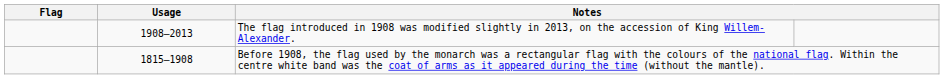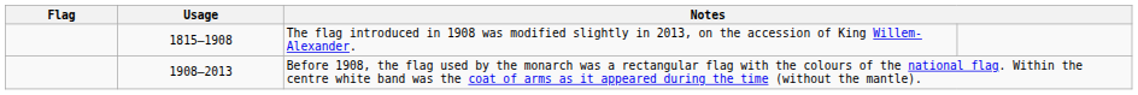 <table class="wikitable" width="100%">
 <tr>
 <th style="width:120px;">Flag</th>
 <th style="width:180px;">Usage</th>
 <th colspan=2>Notes</th>
 </tr>
 <tr>
 <td align=center></td>
-<td align=center>1908–2013</td>
+<td align=center>1815–1908</td>
 <td>The flag introduced in 1908 was modified slightly in 2013, on the accession of King <a href='#'>Willem-Alexander</a>.</td>
 <td style="width:190px;" align=center></td>
 </tr>
 <tr>
 <td align=center></td>
-<td align=center>1815–1908</td>
+<td align=center>1908–2013</td>
 <td colspan=2>Before 1908, the flag used by the monarch was a rectangular flag with the colours of the <a href='#'>national flag</a>. Within the centre white band was the <a href='#'>coat of arms as it appeared during the time</a> (without the mantle).</td>
 </tr>
 </table>
